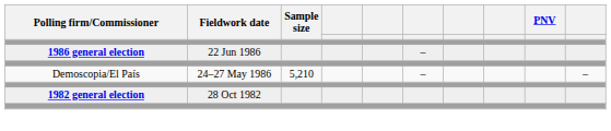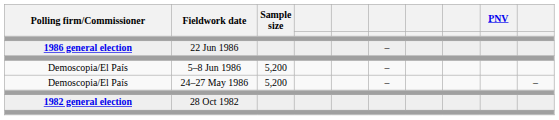 <table class="wikitable collapsible" style="text-align:center; font-size:95%; line-height:16px;">
 <tr style="height:42px;">
 <th style="width:250px;" rowspan="2">Polling firm/Commissioner</th>
 <th style="width:125px;" rowspan="2">Fieldwork date</th>
 <th style="width:50px;" rowspan="2">Sample size</th>
 <th style="width:50px;"></th>
 <th style="width:50px;"></th>
 <th style="width:50px;"></th>
 <th style="width:50px;"></th>
 <th style="width:50px;"></th>
 <th style="width:50px;"><a href='#'>PNV</a></th>
 <th style="width:50px;"></th>
 </tr>
 <tr>
 <th style="color:inherit;background:"></th>
 <th style="color:inherit;background:"></th>
 <th style="color:inherit;background:"></th>
 <th style="color:inherit;background:"></th>
 <th style="color:inherit;background:"></th>
 <th style="color:inherit;background:"></th>
 <th style="color:inherit;background:"></th>
 </tr>
 <tr>
 <td colspan="10" style="background:#A0A0A0"></td>
 </tr>
 <tr style="background:#EFEFEF;">
 <td><strong><a href='#'>1986 general election</a></strong></td>
 <td>22 Jun 1986</td>
 <td></td>
 <td></td>
 <td></td>
 <td>–</td>
 <td></td>
 <td></td>
 <td></td>
 <td></td>
 </tr>
 <tr>
 <td colspan="10" style="background:#A0A0A0"></td>
 </tr>
 <tr>
 <td>Demoscopia/El País</td>
+<td>5–8 Jun 1986</td>
+<td>5,200</td>
+<td></td>
+<td></td>
+<td>–</td>
+<td></td>
+<td></td>
+<td></td>
+<td></td>
+</tr>
+<tr>
+<td>Demoscopia/El País</td>
 <td>24–27 May 1986</td>
-<td>5,210</td>
+<td>5,200</td>
 <td></td>
 <td></td>
 <td>–</td>
 <td></td>
 <td></td>
 <td></td>
 <td>–</td>
 </tr>
 <tr>
 <td colspan="10" style="background:#A0A0A0"></td>
 </tr>
 <tr style="background:#EFEFEF;">
 <td><strong><a href='#'>1982 general election</a></strong></td>
 <td>28 Oct 1982</td>
 <td></td>
 <td></td>
 <td></td>
 <td></td>
 <td></td>
 <td></td>
 <td></td>
 <td></td>
 </tr>
 <tr>
 <td colspan="10" style="background:#A0A0A0"></td>
 </tr>
 </table>
